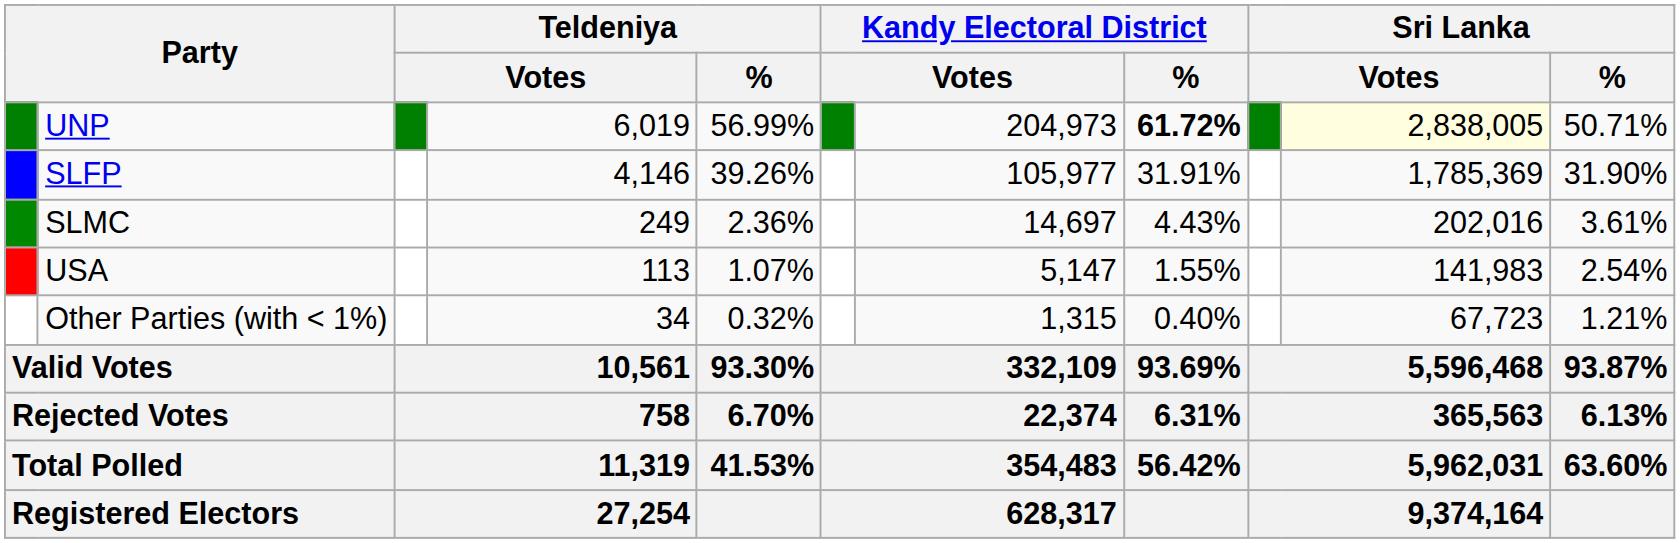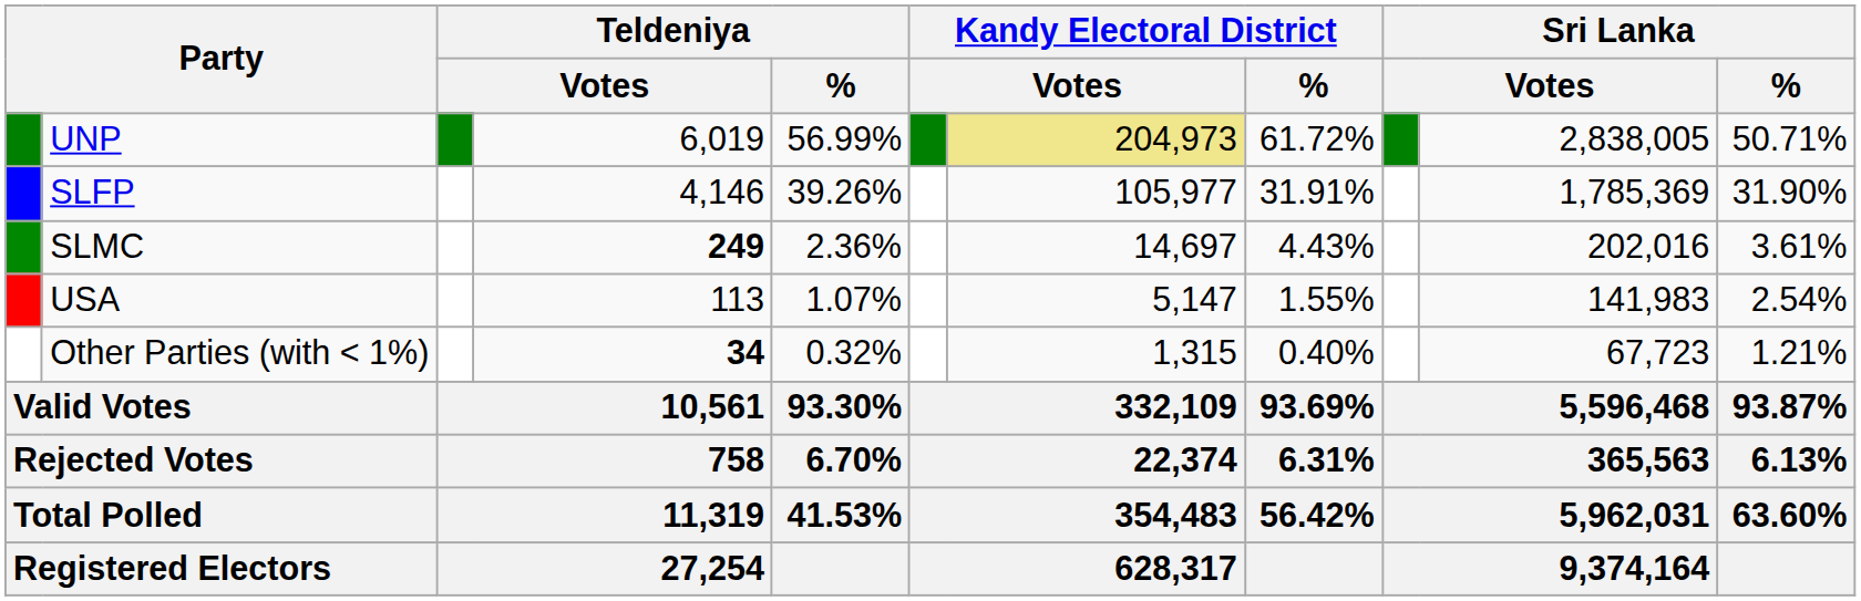 <table class="wikitable">
 <tr>
 <th colspan="2" width="144px"rowspan="2">Party</th>
 <th colspan="3" width="216px">Teldeniya</th>
 <th colspan="3" width="216px"><a href='#'>Kandy Electoral District</a></th>
 <th colspan="3" width="216px">Sri Lanka</th>
 </tr>
 <tr>
 <th colspan="2" width="144px">Votes</th>
 <th>%</th>
 <th colspan="2" width="144px">Votes</th>
 <th>%</th>
 <th colspan="2" width="144px">Votes</th>
 <th>%</th>
 </tr>
 <tr>
 <td style="background-color:green;" width="10px"></td>
 <td style="text-align:left;"><a href='#'>UNP</a></td>
 <td style="background-color:green;" width="10px"></td>
 <td style="text-align:right;">6,019</td>
 <td style="text-align:right;">56.99%</td>
 <td style="background-color:green;" width="10px"></td>
-<td style="text-align:right;">204,973</td>
-<td style="text-align:right;"><strong>61.72%</strong></td>
+<td style="background: khaki; text-align:right;">204,973</td>
+<td style="text-align:right;">61.72%</td>
 <td style="background-color:green;" width="10px"></td>
-<td style="background: lightyellow; text-align:right;">2,838,005</td>
+<td style="text-align:right;">2,838,005</td>
 <td style="text-align:right;">50.71%</td>
 </tr>
 <tr>
 <td style="background-color:blue;" width="10px"></td>
 <td style="text-align:left;"><a href='#'>SLFP</a></td>
 <td style="background-color:white;" width="10px"></td>
 <td style="text-align:right;">4,146</td>
 <td style="text-align:right;">39.26%</td>
 <td style="background-color:white;" width="10px"></td>
 <td style="text-align:right;">105,977</td>
 <td style="text-align:right;">31.91%</td>
 <td style="background-color:white;" width="10px"></td>
 <td style="text-align:right;">1,785,369</td>
 <td style="text-align:right;">31.90%</td>
 </tr>
 <tr>
 <td style="background-color:#008800;" width="10px"></td>
 <td style="text-align:left;">SLMC</td>
 <td style="background-color:white;" width="10px"></td>
-<td style="text-align:right;">249</td>
+<td style="text-align:right;"><strong>249</strong></td>
 <td style="text-align:right;">2.36%</td>
 <td style="background-color:white;" width="10px"></td>
 <td style="text-align:right;">14,697</td>
 <td style="text-align:right;">4.43%</td>
 <td style="background-color:white;" width="10px"></td>
 <td style="text-align:right;">202,016</td>
 <td style="text-align:right;">3.61%</td>
 </tr>
 <tr>
 <td style="background-color:red;" width="10px"></td>
 <td style="text-align:left;">USA</td>
 <td style="background-color:white;" width="10px"></td>
 <td style="text-align:right;">113</td>
 <td style="text-align:right;">1.07%</td>
 <td style="background-color:white;" width="10px"></td>
 <td style="text-align:right;">5,147</td>
 <td style="text-align:right;">1.55%</td>
 <td style="background-color:white;" width="10px"></td>
 <td style="text-align:right;">141,983</td>
 <td style="text-align:right;">2.54%</td>
 </tr>
 <tr>
 <td style="background-color:white;" width="10px"></td>
 <td style="text-align:left;">Other Parties (with < 1%)</td>
 <td style="background-color:white;" width="10px"></td>
-<td style="text-align:right;">34</td>
+<td style="text-align:right;"><strong>34</strong></td>
 <td style="text-align:right;">0.32%</td>
 <td style="background-color:white;" width="10px"></td>
 <td style="text-align:right;">1,315</td>
 <td style="text-align:right;">0.40%</td>
 <td style="background-color:white;" width="10px"></td>
 <td style="text-align:right;">67,723</td>
 <td style="text-align:right;">1.21%</td>
 </tr>
 <tr>
 <th colspan="2" width="144px"style="text-align:left;">Valid Votes</th>
 <th style="text-align:right;"colspan="2" width="144px">10,561</th>
 <th style="text-align:right;">93.30%</th>
 <th style="text-align:right;"colspan="2" width="144px">332,109</th>
 <th style="text-align:right;">93.69%</th>
 <th style="text-align:right;"colspan="2" width="144px">5,596,468</th>
 <th style="text-align:right;">93.87%</th>
 </tr>
 <tr>
 <th colspan="2" width="144px"style="text-align:left;">Rejected Votes</th>
 <th style="text-align:right;"colspan="2" width="144px">758</th>
 <th style="text-align:right;">6.70%</th>
 <th style="text-align:right;"colspan="2" width="144px">22,374</th>
 <th style="text-align:right;">6.31%</th>
 <th style="text-align:right;"colspan="2" width="144px">365,563</th>
 <th style="text-align:right;">6.13%</th>
 </tr>
 <tr>
 <th colspan="2" width="144px"style="text-align:left;">Total Polled</th>
 <th style="text-align:right;"colspan="2" width="144px">11,319</th>
 <th style="text-align:right;">41.53%</th>
 <th style="text-align:right;"colspan="2" width="144px">354,483</th>
 <th style="text-align:right;">56.42%</th>
 <th style="text-align:right;"colspan="2" width="144px">5,962,031</th>
 <th style="text-align:right;">63.60%</th>
 </tr>
 <tr>
 <th colspan="2" width="144px"style="text-align:left;">Registered Electors</th>
 <th style="text-align:right;"colspan="2" width="144px">27,254</th>
 <th></th>
 <th style="text-align:right;"colspan="2" width="144px">628,317</th>
 <th></th>
 <th style="text-align:right;"colspan="2" width="144px">9,374,164</th>
 <th></th>
 </tr>
 </table>
